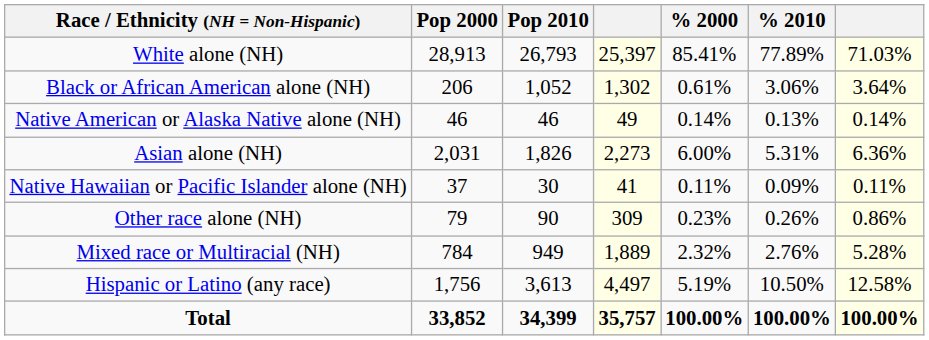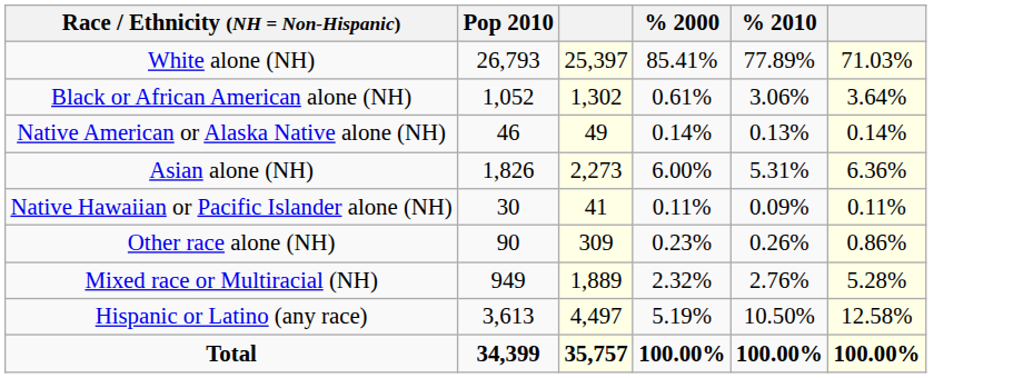 <table class="wikitable" style="text-align:center;">
 <tr>
 <th>Race / Ethnicity <small>(<em>NH = Non-Hispanic</em>)</small></th>
-<th>Pop 2000</th>
 <th>Pop 2010</th>
 <th></th>
 <th>% 2000</th>
 <th>% 2010</th>
 <th></th>
 </tr>
 <tr>
 <td><a href='#'>White</a> alone (NH)</td>
-<td>28,913</td>
 <td>26,793</td>
 <td style='background: #ffffe6;'>25,397</td>
 <td>85.41%</td>
 <td>77.89%</td>
 <td style='background: #ffffe6;'>71.03%</td>
 </tr>
 <tr>
 <td><a href='#'>Black or African American</a> alone (NH)</td>
-<td>206</td>
 <td>1,052</td>
 <td style='background: #ffffe6;'>1,302</td>
 <td>0.61%</td>
 <td>3.06%</td>
 <td style='background: #ffffe6;'>3.64%</td>
 </tr>
 <tr>
 <td><a href='#'>Native American</a> or <a href='#'>Alaska Native</a> alone (NH)</td>
 <td>46</td>
-<td>46</td>
 <td style='background: #ffffe6;'>49</td>
 <td>0.14%</td>
 <td>0.13%</td>
 <td style='background: #ffffe6;'>0.14%</td>
 </tr>
 <tr>
 <td><a href='#'>Asian</a> alone (NH)</td>
-<td>2,031</td>
 <td>1,826</td>
 <td style='background: #ffffe6;'>2,273</td>
 <td>6.00%</td>
 <td>5.31%</td>
 <td style='background: #ffffe6;'>6.36%</td>
 </tr>
 <tr>
 <td><a href='#'>Native Hawaiian</a> or <a href='#'>Pacific Islander</a> alone (NH)</td>
-<td>37</td>
 <td>30</td>
 <td style='background: #ffffe6;'>41</td>
 <td>0.11%</td>
 <td>0.09%</td>
 <td style='background: #ffffe6;'>0.11%</td>
 </tr>
 <tr>
 <td><a href='#'>Other race</a> alone (NH)</td>
-<td>79</td>
 <td>90</td>
 <td style='background: #ffffe6;'>309</td>
 <td>0.23%</td>
 <td>0.26%</td>
 <td style='background: #ffffe6;'>0.86%</td>
 </tr>
 <tr>
 <td><a href='#'>Mixed race or Multiracial</a> (NH)</td>
-<td>784</td>
 <td>949</td>
 <td style='background: #ffffe6;'>1,889</td>
 <td>2.32%</td>
 <td>2.76%</td>
 <td style='background: #ffffe6;'>5.28%</td>
 </tr>
 <tr>
 <td><a href='#'>Hispanic or Latino</a> (any race)</td>
-<td>1,756</td>
 <td>3,613</td>
 <td style='background: #ffffe6;'>4,497</td>
 <td>5.19%</td>
 <td>10.50%</td>
 <td style='background: #ffffe6;'>12.58%</td>
 </tr>
 <tr>
 <td><strong>Total</strong></td>
-<td><strong>33,852</strong></td>
 <td><strong>34,399</strong></td>
 <td style='background: #ffffe6;'><strong>35,757</strong></td>
 <td><strong>100.00%</strong></td>
 <td><strong>100.00%</strong></td>
 <td style='background: #ffffe6;'><strong>100.00%</strong></td>
 </tr>
 </table>
